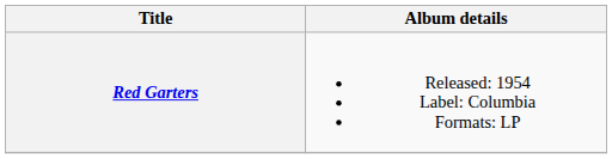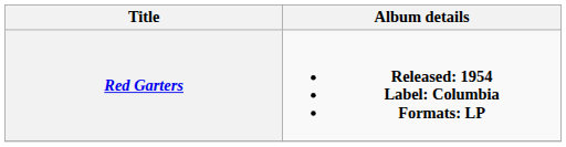 <table class="wikitable plainrowheaders" style="text-align:center;">
 <tr>
 <th scope="col" style="width:17em;">Title</th>
 <th scope="col" style="width:17em;">Album details</th>
 </tr>
 <tr>
 <th scope="row"><em><a href='#'>Red Garters</a></em><br></th>
-<td><br><ul><li>Released: 1954</li><li>Label: Columbia</li><li>Formats: LP</li></ul></td>
+<td><strong><br><ul><li>Released: 1954</li><li>Label: Columbia</li><li>Formats: LP</li></ul></strong></td>
 </tr>
 <tr>
 </tr>
 </table>
